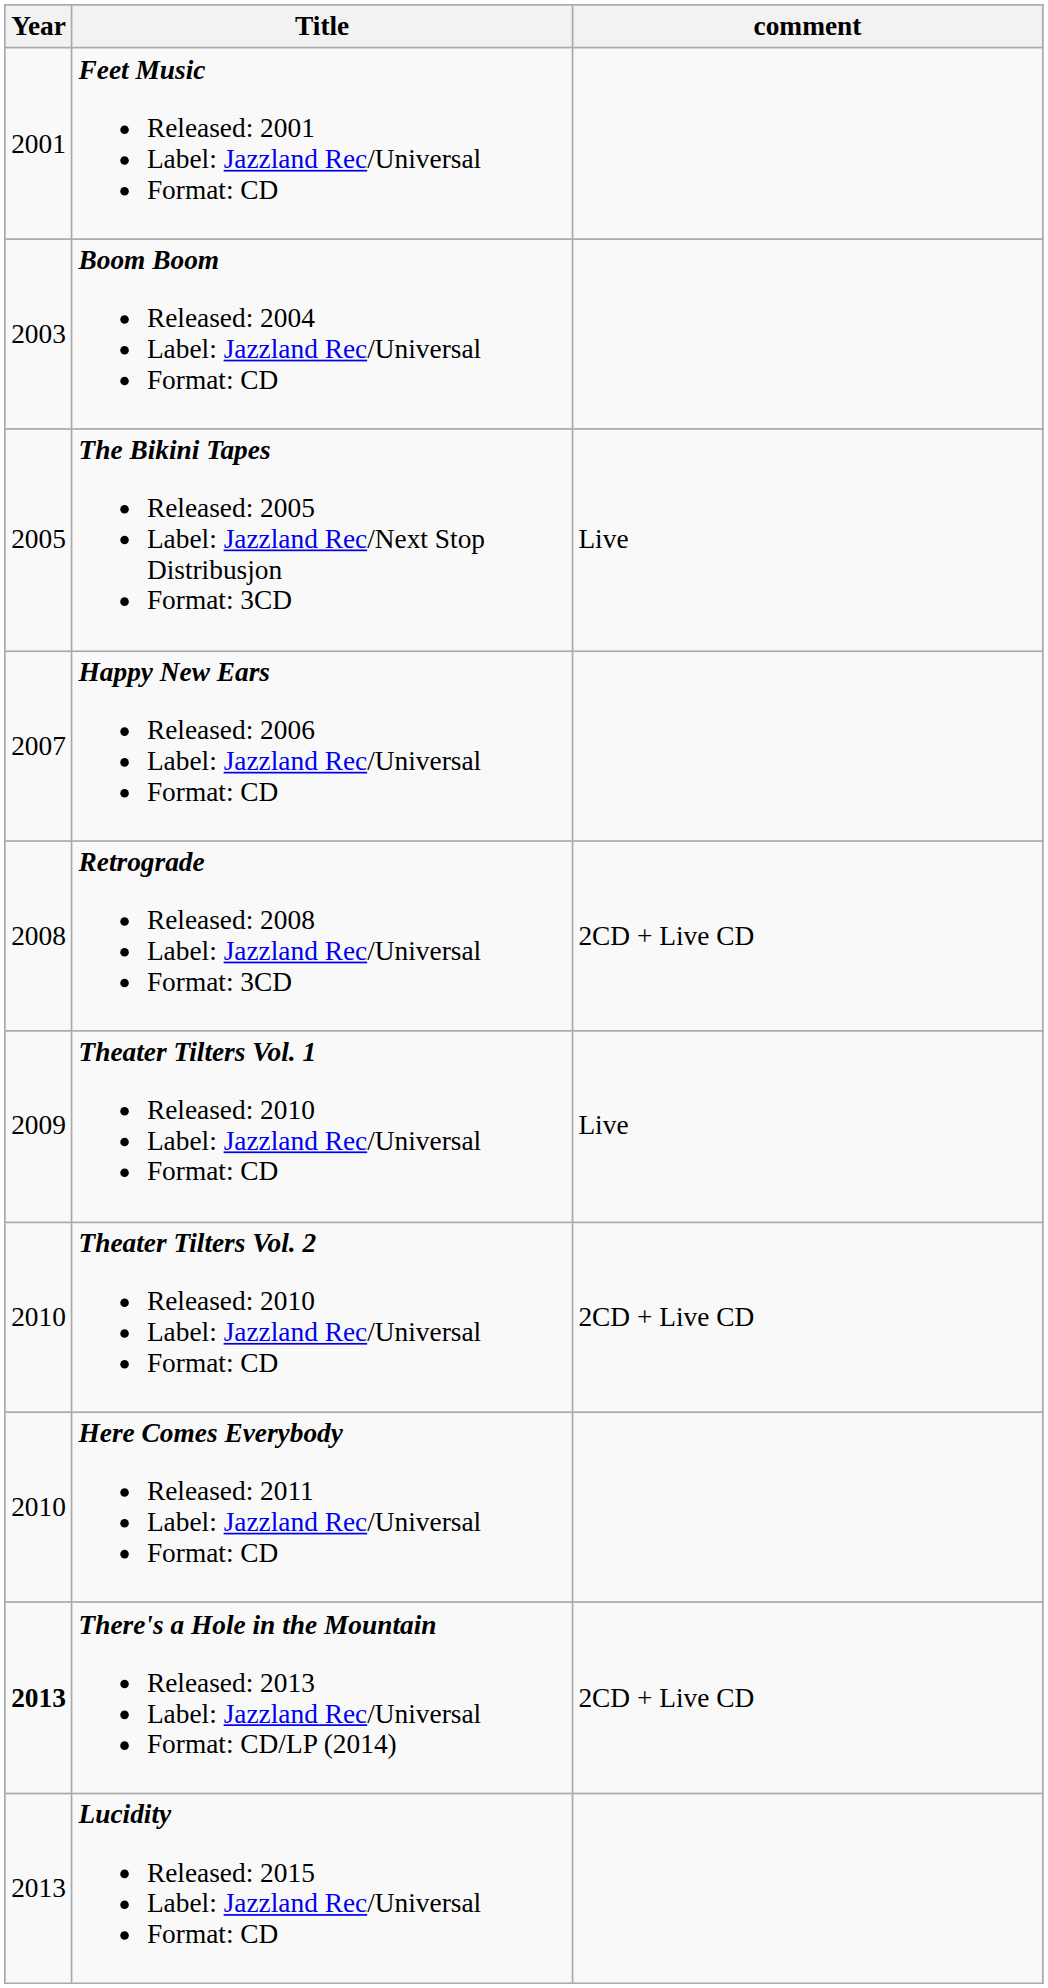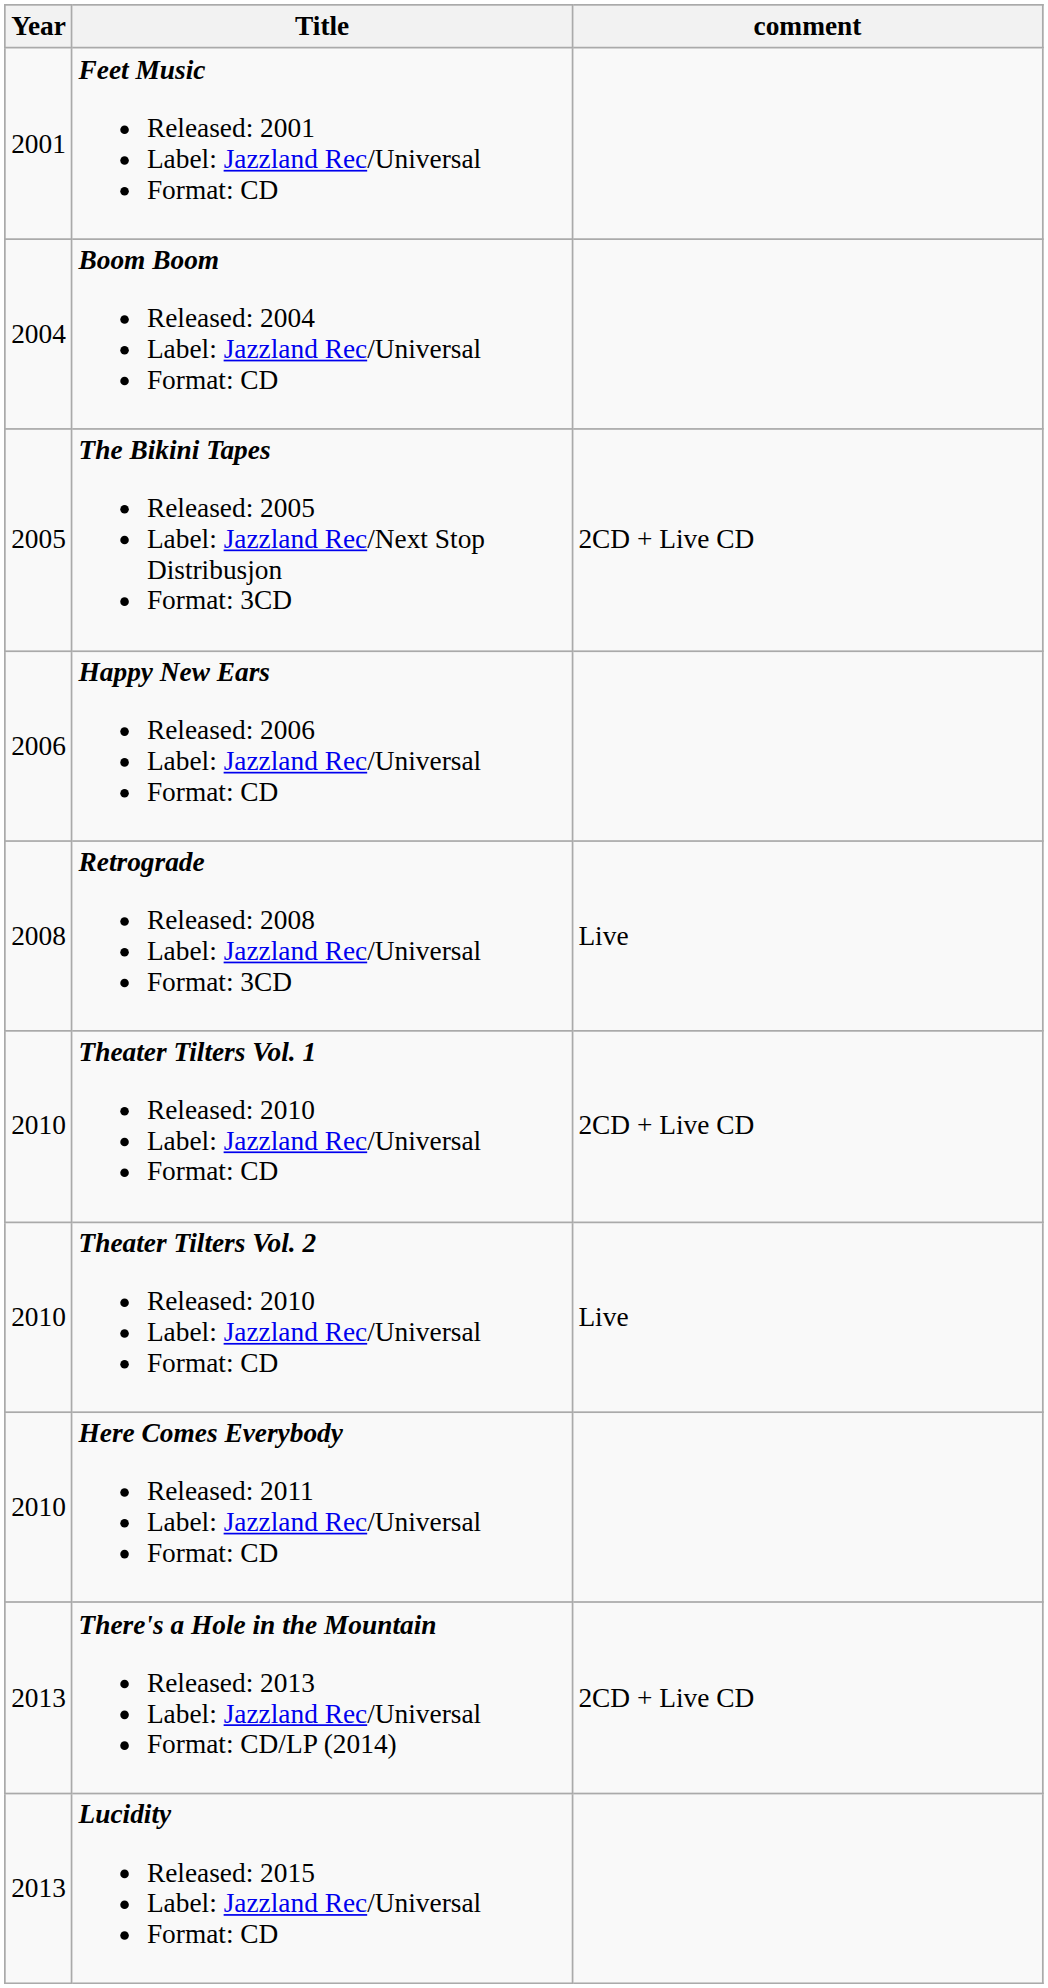 <table class="wikitable">
 <tr>
 <th>Year</th>
 <th style="width:21em">Title</th>
 <th style="width:21em">comment</th>
 </tr>
 <tr>
 <td>2001</td>
 <td style="width:20em"><strong><em>Feet Music</em></strong><br><ul><li>Released: 2001</li><li>Label: <a href='#'>Jazzland Rec</a>/Universal </li><li>Format: CD</li></ul></td>
 <td></td>
 </tr>
 <tr>
-<td>2003</td>
+<td>2004</td>
 <td style="width:20em"><strong><em>Boom Boom</em></strong><br><ul><li>Released: 2004</li><li>Label: <a href='#'>Jazzland Rec</a>/Universal </li><li>Format: CD</li></ul></td>
 <td></td>
 </tr>
 <tr>
 <td>2005</td>
 <td style="width:20em"><strong><em>The Bikini Tapes</em></strong><br><ul><li>Released: 2005</li><li>Label: <a href='#'>Jazzland Rec</a>/Next Stop Distribusjon </li><li>Format: 3CD</li></ul></td>
-<td>Live</td>
+<td>2CD + Live CD</td>
 </tr>
 <tr>
-<td>2007</td>
+<td>2006</td>
 <td style="width:20em"><strong><em>Happy New Ears</em></strong><br><ul><li>Released: 2006</li><li>Label: <a href='#'>Jazzland Rec</a>/Universal </li><li>Format: CD</li></ul></td>
 <td></td>
 </tr>
 <tr>
 <td>2008</td>
 <td style="width:20em"><strong><em>Retrograde</em></strong><br><ul><li>Released: 2008</li><li>Label: <a href='#'>Jazzland Rec</a>/Universal </li><li>Format: 3CD</li></ul></td>
-<td>2CD + Live CD</td>
-</tr>
-<tr>
-<td>2009</td>
-<td style="width:20em"><strong><em>Theater Tilters Vol. 1</em></strong><br><ul><li>Released: 2010</li><li>Label: <a href='#'>Jazzland Rec</a>/Universal</li><li>Format: CD</li></ul></td>
 <td>Live</td>
 </tr>
 <tr>
 <td>2010</td>
+<td style="width:20em"><strong><em>Theater Tilters Vol. 1</em></strong><br><ul><li>Released: 2010</li><li>Label: <a href='#'>Jazzland Rec</a>/Universal</li><li>Format: CD</li></ul></td>
+<td>2CD + Live CD</td>
+</tr>
+<tr>
+<td>2010</td>
 <td style="width:20em"><strong><em>Theater Tilters Vol. 2</em></strong><br><ul><li>Released: 2010</li><li>Label: <a href='#'>Jazzland Rec</a>/Universal </li><li>Format: CD</li></ul></td>
-<td>2CD + Live CD</td>
+<td>Live</td>
 </tr>
 <tr>
 <td>2010</td>
 <td style="width:20em"><strong><em>Here Comes Everybody</em></strong><br><ul><li>Released: 2011</li><li>Label: <a href='#'>Jazzland Rec</a>/Universal </li><li>Format: CD</li></ul></td>
 <td></td>
 </tr>
 <tr>
-<td><strong>2013</strong></td>
+<td>2013</td>
 <td style="width:20em"><strong><em>There's a Hole in the Mountain</em></strong><br><ul><li>Released: 2013</li><li>Label: <a href='#'>Jazzland Rec</a>/Universal </li><li>Format: CD/LP (2014)</li></ul></td>
 <td>2CD + Live CD</td>
 </tr>
 <tr>
 <td>2013</td>
 <td style="width:20em"><strong><em>Lucidity</em></strong><br><ul><li>Released: 2015</li><li>Label: <a href='#'>Jazzland Rec</a>/Universal </li><li>Format: CD</li></ul></td>
 <td></td>
 </tr>
 </table>
